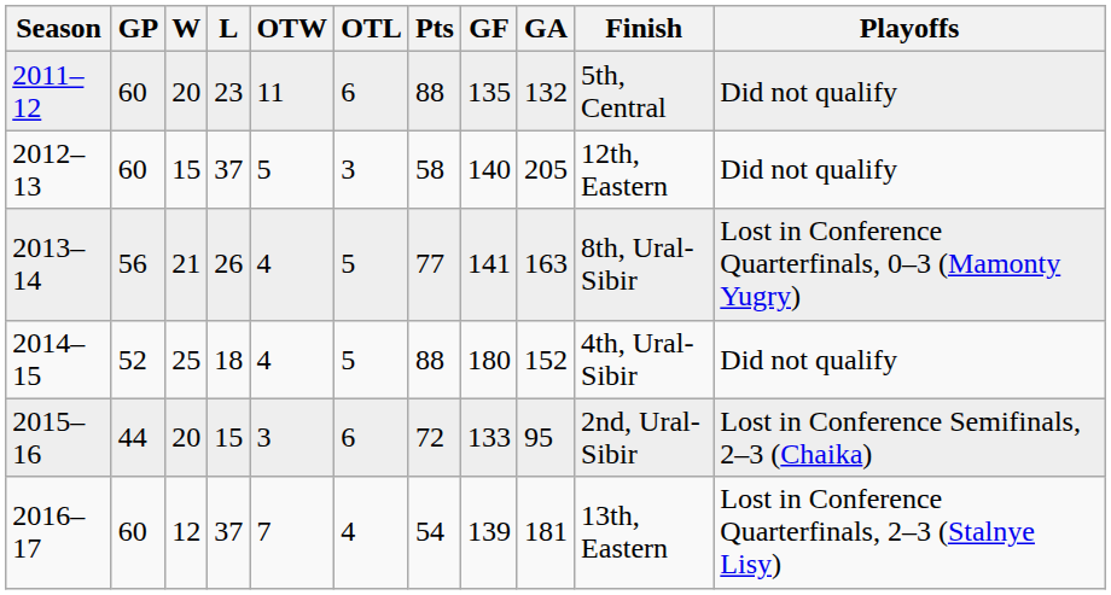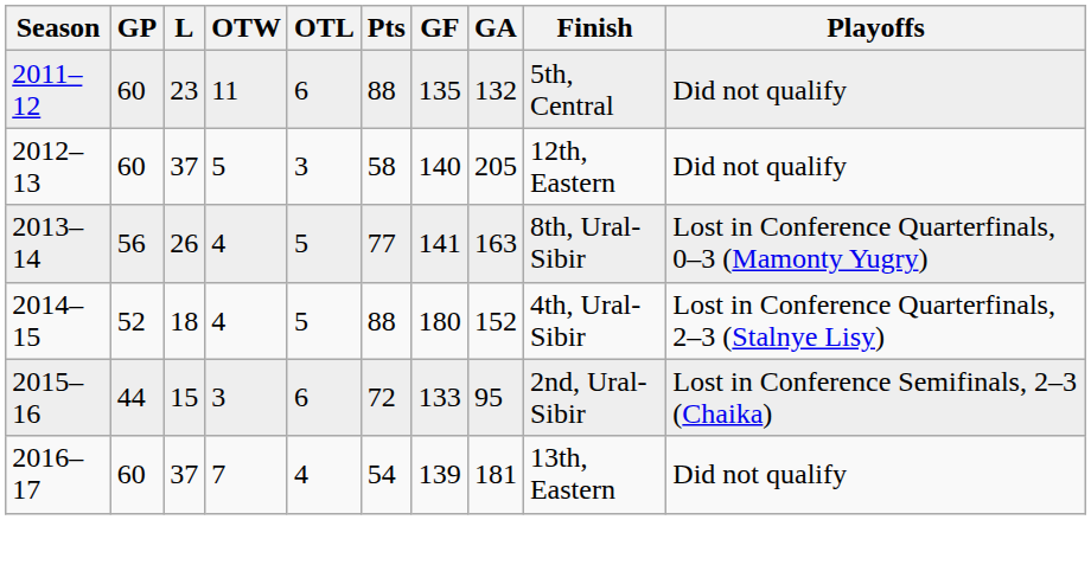 <table class="wikitable">
 <tr>
 <th>Season</th>
 <th>GP</th>
-<th>W</th>
 <th>L</th>
 <th>OTW</th>
 <th>OTL</th>
 <th>Pts</th>
 <th>GF</th>
 <th>GA</th>
 <th>Finish</th>
 <th>Playoffs</th>
 </tr>
 <tr style="background:#eee;">
 <td><a href='#'>2011–12</a></td>
 <td>60</td>
-<td>20</td>
 <td>23</td>
 <td>11</td>
 <td>6</td>
 <td>88</td>
 <td>135</td>
 <td>132</td>
 <td>5th, Central</td>
 <td>Did not qualify</td>
 </tr>
 <tr>
 <td>2012–13</td>
 <td>60</td>
-<td>15</td>
 <td>37</td>
 <td>5</td>
 <td>3</td>
 <td>58</td>
 <td>140</td>
 <td>205</td>
 <td>12th, Eastern</td>
 <td>Did not qualify</td>
 </tr>
 <tr style="background:#eee;">
 <td>2013–14</td>
 <td>56</td>
-<td>21</td>
 <td>26</td>
 <td>4</td>
 <td>5</td>
 <td>77</td>
 <td>141</td>
 <td>163</td>
 <td>8th, Ural-Sibir</td>
 <td>Lost in Conference Quarterfinals, 0–3 (<a href='#'>Mamonty Yugry</a>)</td>
 </tr>
 <tr>
 <td>2014–15</td>
 <td>52</td>
-<td>25</td>
 <td>18</td>
 <td>4</td>
 <td>5</td>
 <td>88</td>
 <td>180</td>
 <td>152</td>
 <td>4th, Ural-Sibir</td>
-<td>Did not qualify</td>
+<td>Lost in Conference Quarterfinals, 2–3 (<a href='#'>Stalnye Lisy</a>)</td>
 </tr>
 <tr style="background:#eee;">
 <td>2015–16</td>
 <td>44</td>
-<td>20</td>
 <td>15</td>
 <td>3</td>
 <td>6</td>
 <td>72</td>
 <td>133</td>
 <td>95</td>
 <td>2nd, Ural-Sibir</td>
 <td>Lost in Conference Semifinals, 2–3 (<a href='#'>Chaika</a>)</td>
 </tr>
 <tr>
 <td>2016–17</td>
 <td>60</td>
-<td>12</td>
 <td>37</td>
 <td>7</td>
 <td>4</td>
 <td>54</td>
 <td>139</td>
 <td>181</td>
 <td>13th, Eastern</td>
-<td>Lost in Conference Quarterfinals, 2–3 (<a href='#'>Stalnye Lisy</a>)</td>
+<td>Did not qualify</td>
 </tr>
 </table>
